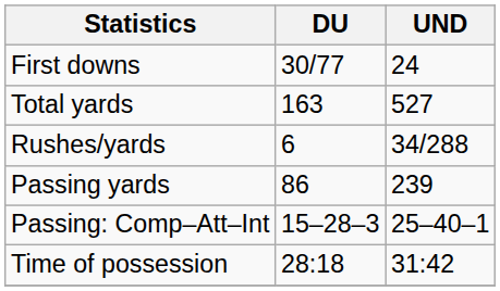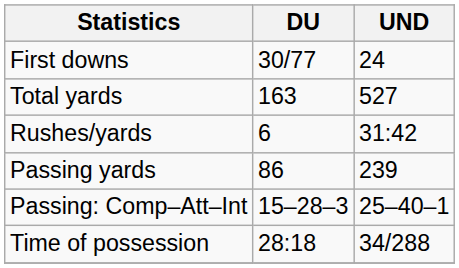 <table class="wikitable" style="float: left;">
 <tr>
 <th>Statistics</th>
 <th>DU</th>
 <th>UND</th>
 </tr>
 <tr>
 <td>First downs</td>
 <td>30/77</td>
 <td>24</td>
 </tr>
 <tr>
 <td>Total yards</td>
 <td>163</td>
 <td>527</td>
 </tr>
 <tr>
 <td>Rushes/yards</td>
 <td>6</td>
-<td>34/288</td>
+<td>31:42</td>
 </tr>
 <tr>
 <td>Passing yards</td>
 <td>86</td>
 <td>239</td>
 </tr>
 <tr>
 <td>Passing: Comp–Att–Int</td>
 <td>15–28–3</td>
 <td>25–40–1</td>
 </tr>
 <tr>
 <td>Time of possession</td>
 <td>28:18</td>
-<td>31:42</td>
+<td>34/288</td>
 </tr>
 <tr>
 </tr>
 </table>
